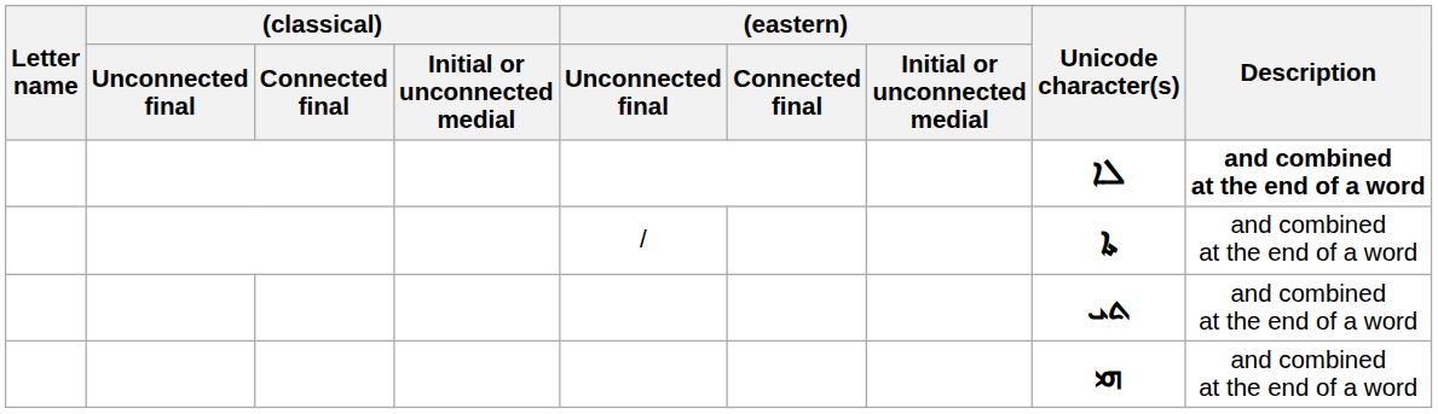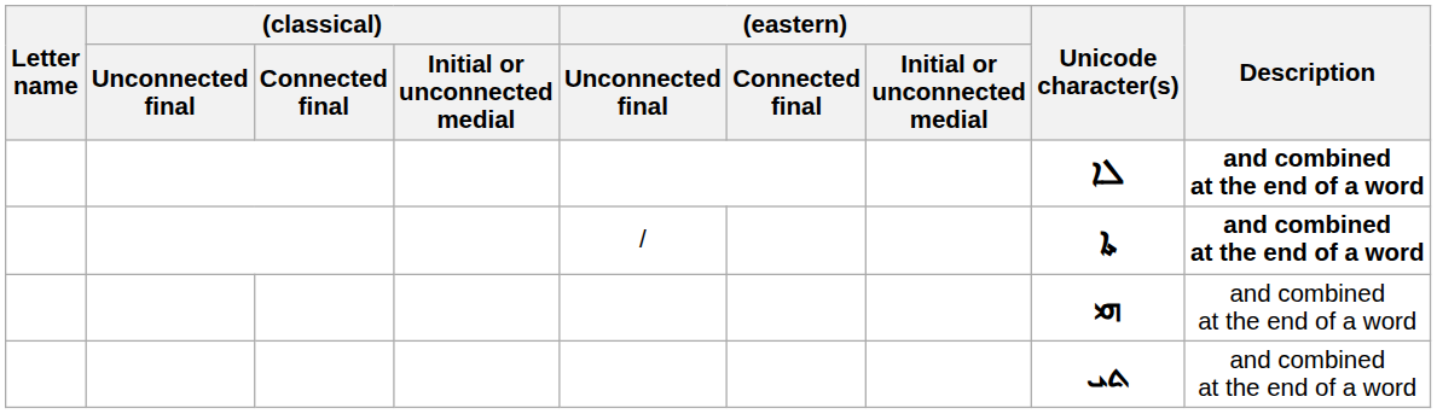 <table class="wikitable" style="background:white; text-align:center">
 <tr>
 <th rowspan="2">Letter<br>name</th>
 <th colspan="3"><strong> (classical)</strong></th>
 <th colspan="3"><strong> (eastern)</strong></th>
 <th rowspan="2">Unicode<br>character(s)</th>
 <th rowspan="2">Description</th>
 </tr>
 <tr>
 <th>Unconnected<br>final</th>
 <th>Connected<br>final</th>
 <th>Initial or<br>unconnected<br>medial</th>
 <th>Unconnected<br>final</th>
 <th>Connected<br>final</th>
 <th>Initial or<br>unconnected<br>medial</th>
 </tr>
 <tr>
 <td></td>
 <td colspan="2"></td>
 <td> </td>
 <td colspan="2"></td>
 <td> </td>
 <td><big><big><strong>ܠܐ</strong></big></big></td>
 <td><strong> and  combined<br>at the end of a word</strong></td>
 </tr>
 <tr>
 <td></td>
 <td colspan="2"></td>
 <td></td>
 <td> / </td>
 <td></td>
 <td> </td>
 <td><big><big><strong>ܬܐ</strong></big></big></td>
+<td><strong> and  combined<br>at the end of a word</strong></td>
+</tr>
+<tr>
+<td></td>
+<td> </td>
+<td> </td>
+<td> </td>
+<td> </td>
+<td></td>
+<td> </td>
+<td><big><big><strong>ܗܝ</strong></big></big></td>
 <td> and  combined<br>at the end of a word</td>
 </tr>
 <tr>
 <td></td>
 <td> </td>
 <td> </td>
 <td> </td>
 <td> </td>
 <td></td>
 <td> </td>
 <td><big><big><strong>ܬܝ</strong></big></big></td>
 <td> and  combined<br>at the end of a word</td>
 </tr>
-<tr>
-<td></td>
-<td> </td>
-<td> </td>
-<td> </td>
-<td> </td>
-<td></td>
-<td> </td>
-<td><big><big><strong>ܗܝ</strong></big></big></td>
-<td> and  combined<br>at the end of a word</td>
-</tr>
 </table>
